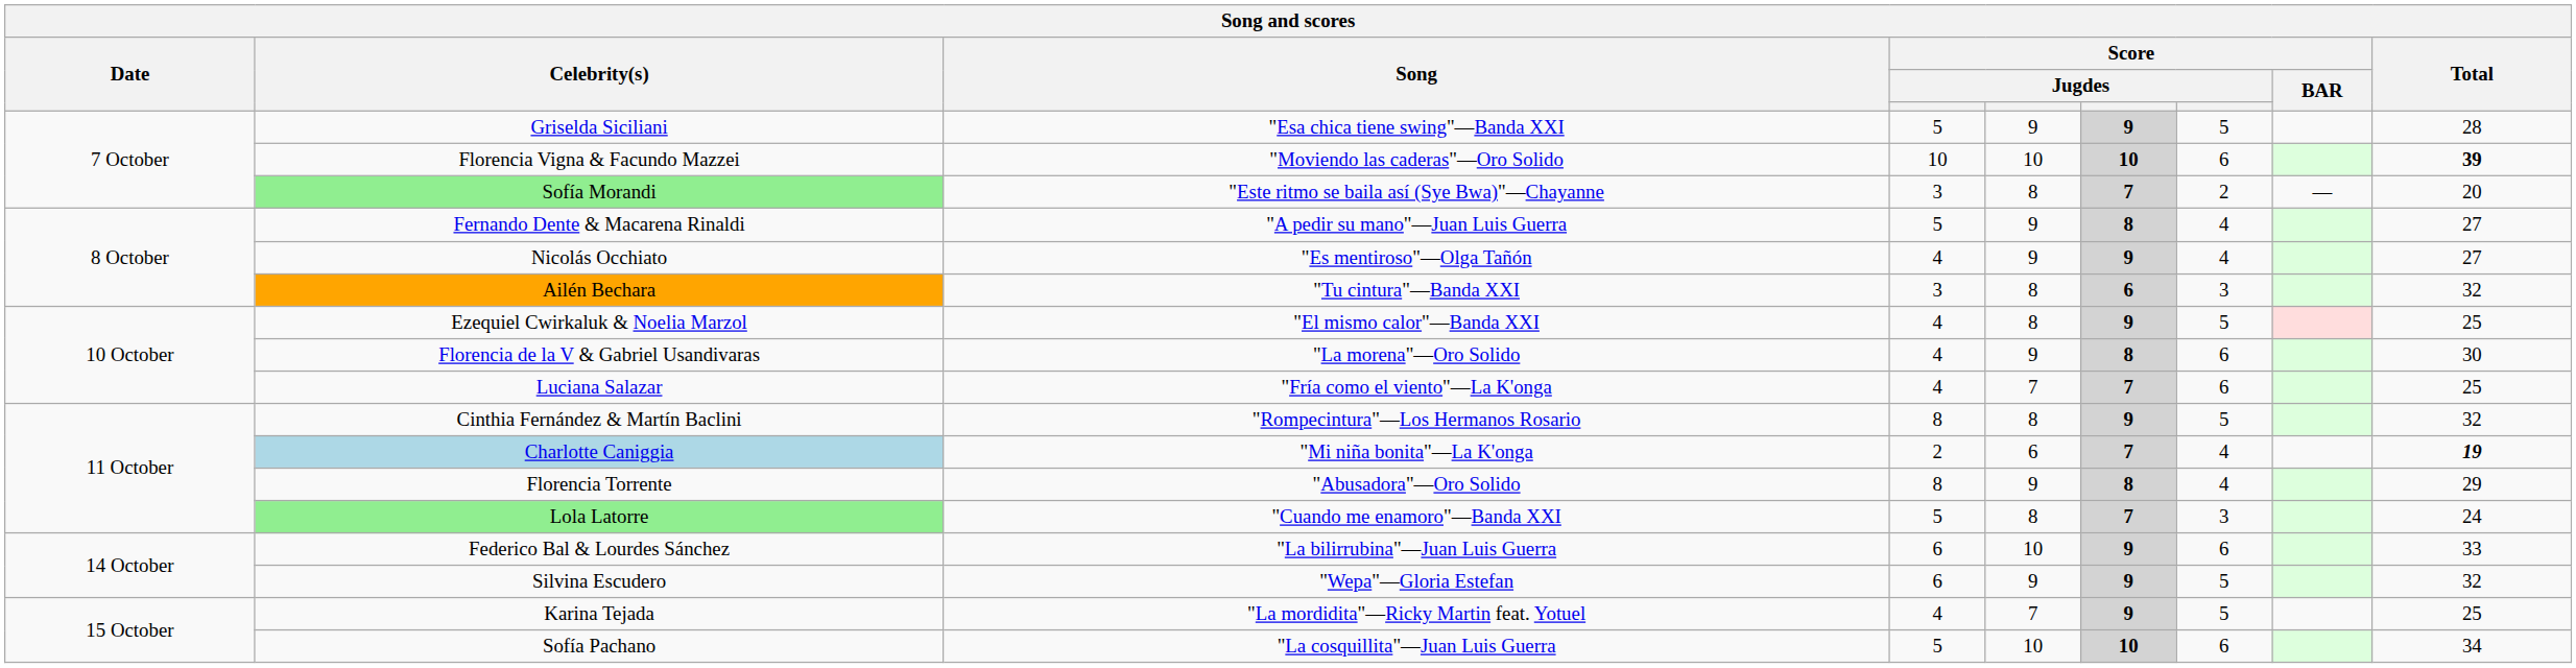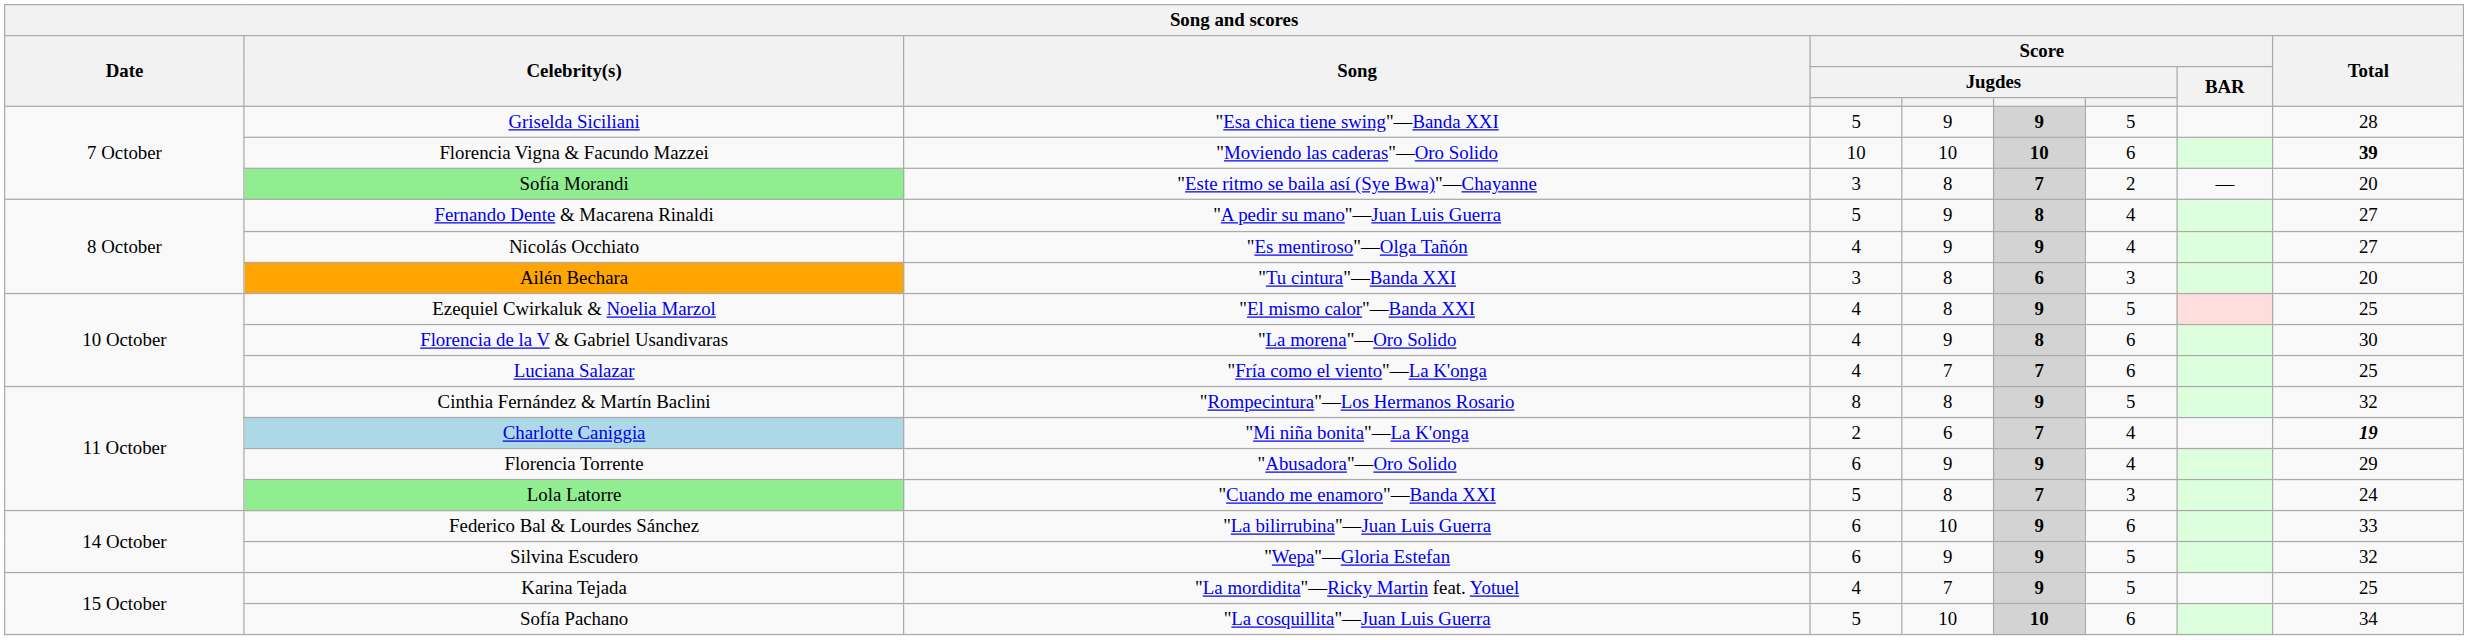 <table class="wikitable collapsible collapsed" style="font-size:95%; text-align: center; width: 100%;">
 <tr>
 <th colspan="11" style="with: 100%;" align=center>Song and scores</th>
 </tr>
 <tr>
 <th rowspan="3" width=90>Date</th>
 <th rowspan="3" width=260>Celebrity(s)</th>
 <th rowspan="3" width=360>Song</th>
 <th colspan="5">Score</th>
 <th rowspan="3" width=70>Total</th>
 </tr>
 <tr>
 <th colspan="4">Jugdes</th>
 <th rowspan="2" width=30>BAR<br></th>
 </tr>
 <tr>
 <th width=30></th>
 <th width=30></th>
 <th width=30></th>
 <th width=30></th>
 </tr>
 <tr>
 <td rowspan="3">7 October</td>
 <td bgcolor=""><a href='#'>Griselda Siciliani</a></td>
 <td>"<a href='#'>Esa chica tiene swing</a>"—<a href='#'>Banda XXI</a></td>
 <td>5</td>
 <td>9</td>
 <td bgcolor="lightgrey"><strong>9</strong></td>
 <td>5</td>
 <td></td>
 <td>28</td>
 </tr>
 <tr>
 <td bgcolor="">Florencia Vigna & Facundo Mazzei</td>
 <td>"<a href='#'>Moviendo las caderas</a>"—<a href='#'>Oro Solido</a></td>
 <td>10</td>
 <td>10</td>
 <td bgcolor="lightgrey"><strong>10</strong></td>
 <td>6</td>
 <td bgcolor="#ddffdd"></td>
 <td><span><strong>39</strong></span></td>
 </tr>
 <tr>
 <td bgcolor="lightgreen">Sofía Morandi</td>
 <td>"<a href='#'>Este ritmo se baila así (Sye Bwa)</a>"—<a href='#'>Chayanne</a></td>
 <td>3</td>
 <td>8</td>
 <td bgcolor="lightgrey"><strong>7</strong></td>
 <td>2</td>
 <td>—</td>
 <td>20</td>
 </tr>
 <tr>
 <td rowspan="3">8 October</td>
 <td bgcolor=""><a href='#'>Fernando Dente</a> & Macarena Rinaldi</td>
 <td>"<a href='#'>A pedir su mano</a>"—<a href='#'>Juan Luis Guerra</a></td>
 <td>5</td>
 <td>9</td>
 <td bgcolor="lightgrey"><strong>8</strong></td>
 <td>4</td>
 <td bgcolor="#ddffdd"></td>
 <td>27</td>
 </tr>
 <tr>
 <td bgcolor="">Nicolás Occhiato</td>
 <td>"<a href='#'>Es mentiroso</a>"—<a href='#'>Olga Tañón</a></td>
 <td>4</td>
 <td>9</td>
 <td bgcolor="lightgrey"><strong>9</strong></td>
 <td>4</td>
 <td bgcolor="#ddffdd"></td>
 <td>27</td>
 </tr>
 <tr>
 <td bgcolor="orange">Ailén Bechara</td>
 <td>"<a href='#'>Tu cintura</a>"—<a href='#'>Banda XXI</a></td>
 <td>3</td>
 <td>8</td>
 <td bgcolor="lightgrey"><strong>6</strong></td>
 <td>3</td>
 <td bgcolor="#ddffdd"></td>
-<td>32</td>
+<td>20</td>
 </tr>
 <tr>
 <td rowspan="3">10 October</td>
 <td bgcolor="">Ezequiel Cwirkaluk & <a href='#'>Noelia Marzol</a></td>
 <td>"<a href='#'>El mismo calor</a>"—<a href='#'>Banda XXI</a></td>
 <td>4</td>
 <td>8</td>
 <td bgcolor="lightgrey"><strong>9</strong></td>
 <td>5</td>
 <td bgcolor="#ffdddd"></td>
 <td>25</td>
 </tr>
 <tr>
 <td bgcolor=""><a href='#'>Florencia de la V</a> & Gabriel Usandivaras</td>
 <td>"<a href='#'>La morena</a>"—<a href='#'>Oro Solido</a></td>
 <td>4</td>
 <td>9</td>
 <td bgcolor="lightgrey"><strong>8</strong></td>
 <td>6</td>
 <td bgcolor="#ddffdd"></td>
 <td>30</td>
 </tr>
 <tr>
 <td bgcolor=""><a href='#'>Luciana Salazar</a></td>
 <td>"<a href='#'>Fría como el viento</a>"—<a href='#'>La K'onga</a></td>
 <td>4</td>
 <td>7</td>
 <td bgcolor="lightgrey"><strong>7</strong></td>
 <td>6</td>
 <td bgcolor="#ddffdd"></td>
 <td>25</td>
 </tr>
 <tr>
 <td rowspan="4">11 October</td>
 <td bgcolor="">Cinthia Fernández & Martín Baclini</td>
 <td>"<a href='#'>Rompecintura</a>"—<a href='#'>Los Hermanos Rosario</a></td>
 <td>8</td>
 <td>8</td>
 <td bgcolor="lightgrey"><strong>9</strong></td>
 <td>5</td>
 <td bgcolor="#ddffdd"></td>
 <td>32</td>
 </tr>
 <tr>
 <td bgcolor="lightblue"><a href='#'>Charlotte Caniggia</a></td>
 <td>"<a href='#'>Mi niña bonita</a>"—<a href='#'>La K'onga</a></td>
 <td>2</td>
 <td>6</td>
 <td bgcolor="lightgrey"><strong>7</strong></td>
 <td>4</td>
 <td></td>
 <td><span><strong><em>19</em></strong></span></td>
 </tr>
 <tr>
 <td bgcolor="">Florencia Torrente</td>
 <td>"<a href='#'>Abusadora</a>"—<a href='#'>Oro Solido</a></td>
-<td>8</td>
+<td>6</td>
 <td>9</td>
-<td bgcolor="lightgrey"><strong>8</strong></td>
+<td bgcolor="lightgrey"><strong>9</strong></td>
 <td>4</td>
 <td bgcolor="#ddffdd"></td>
 <td>29</td>
 </tr>
 <tr>
 <td bgcolor="lightgreen">Lola Latorre</td>
 <td>"<a href='#'>Cuando me enamoro</a>"—<a href='#'>Banda XXI</a></td>
 <td>5</td>
 <td>8</td>
 <td bgcolor="lightgrey"><strong>7</strong></td>
 <td>3</td>
 <td bgcolor="#ddffdd"></td>
 <td>24</td>
 </tr>
 <tr>
 <td rowspan="2">14 October</td>
 <td bgcolor="">Federico Bal & Lourdes Sánchez</td>
 <td>"<a href='#'>La bilirrubina</a>"—<a href='#'>Juan Luis Guerra</a></td>
 <td>6</td>
 <td>10</td>
 <td bgcolor="lightgrey"><strong>9</strong></td>
 <td>6</td>
 <td bgcolor="#ddffdd"></td>
 <td>33</td>
 </tr>
 <tr>
 <td bgcolor="">Silvina Escudero</td>
 <td>"<a href='#'>Wepa</a>"—<a href='#'>Gloria Estefan</a></td>
 <td>6</td>
 <td>9</td>
 <td bgcolor="lightgrey"><strong>9</strong></td>
 <td>5</td>
 <td bgcolor="#ddffdd"></td>
 <td>32</td>
 </tr>
 <tr>
 <td rowspan="2">15 October</td>
 <td bgcolor="">Karina Tejada</td>
 <td>"<a href='#'>La mordidita</a>"—<a href='#'>Ricky Martin</a> feat. <a href='#'>Yotuel</a></td>
 <td>4</td>
 <td>7</td>
 <td bgcolor="lightgrey"><strong>9</strong></td>
 <td>5</td>
 <td></td>
 <td>25</td>
 </tr>
 <tr>
 <td bgcolor="">Sofía Pachano</td>
 <td>"<a href='#'>La cosquillita</a>"—<a href='#'>Juan Luis Guerra</a></td>
 <td>5</td>
 <td>10</td>
 <td bgcolor="lightgrey"><strong>10</strong></td>
 <td>6</td>
 <td bgcolor="#ddffdd"></td>
 <td>34</td>
 </tr>
 </table>
